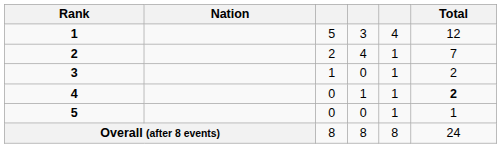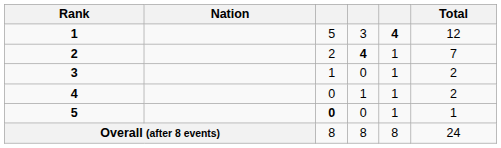 <table class="wikitable" style="text-align:center; width:50%">
 <tr>
 <th>Rank</th>
 <th>Nation</th>
 <th></th>
 <th></th>
 <th></th>
 <th>Total</th>
 </tr>
 <tr>
 <td><strong>1</strong></td>
 <td align=left></td>
 <td>5</td>
 <td>3</td>
-<td>4</td>
+<td><strong>4</strong></td>
 <td>12</td>
 </tr>
 <tr>
 <td><strong>2</strong></td>
 <td align=left></td>
 <td>2</td>
-<td>4</td>
+<td><strong>4</strong></td>
 <td>1</td>
 <td>7</td>
 </tr>
 <tr>
 <td><strong>3</strong></td>
 <td align=left></td>
 <td>1</td>
 <td>0</td>
 <td>1</td>
 <td>2</td>
 </tr>
 <tr>
 <td><strong>4</strong></td>
 <td align=left></td>
 <td>0</td>
 <td>1</td>
 <td>1</td>
-<td><strong>2</strong></td>
+<td>2</td>
 </tr>
 <tr>
 <td><strong>5</strong></td>
 <td align=left></td>
-<td>0</td>
+<td><strong>0</strong></td>
 <td>0</td>
 <td>1</td>
 <td>1</td>
 </tr>
 <tr>
 <th colspan="2">Overall <small>(after 8 events)</small></th>
 <td>8</td>
 <td>8</td>
 <td>8</td>
 <td>24</td>
 </tr>
 </table>
